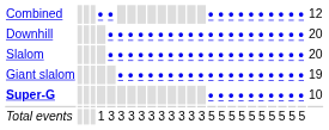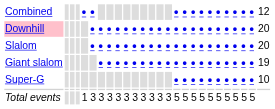 <table>
 <tr>
 <td align=left><a href='#'>Combined</a></td>
 <td style="background:#ddd"> </td>
 <td style="background:#ddd"> </td>
 <td style="background:#ddd"></td>
 <td><big><strong><a href='#'>•</a></strong></big></td>
 <td><big><strong><a href='#'>•</a></strong></big></td>
 <td style="background:#ddd"></td>
 <td style="background:#ddd"></td>
 <td style="background:#ddd"></td>
 <td style="background:#ddd"></td>
 <td style="background:#ddd"></td>
 <td style="background:#ddd"></td>
 <td style="background:#ddd"></td>
 <td style="background:#ddd"></td>
 <td style="background:#ddd"></td>
 <td><big><strong><a href='#'>•</a></strong></big></td>
 <td><big><strong><a href='#'>•</a></strong></big></td>
 <td><big><strong><a href='#'>•</a></strong></big></td>
 <td><big><strong><a href='#'>•</a></strong></big></td>
 <td><big><strong><a href='#'>•</a></strong></big></td>
 <td><big><strong><a href='#'>•</a></strong></big></td>
 <td><big><strong><a href='#'>•</a></strong></big></td>
 <td><big><strong><a href='#'>•</a></strong></big></td>
 <td><big><strong><a href='#'>•</a></strong></big></td>
 <td><big><strong><a href='#'>•</a></strong></big></td>
 <td>12</td>
 </tr>
 <tr>
-<td align=left><a href='#'>Downhill</a></td>
+<td align=left style="background: pink;"><a href='#'>Downhill</a></td>
 <td style="background:#ddd"> </td>
 <td style="background:#ddd"> </td>
 <td style="background:#ddd"> </td>
 <td style="background:#ddd"> </td>
 <td><big><strong><a href='#'>•</a></strong></big></td>
 <td><big><strong><a href='#'>•</a></strong></big></td>
 <td><big><strong><a href='#'>•</a></strong></big></td>
 <td><big><strong><a href='#'>•</a></strong></big></td>
 <td><big><strong><a href='#'>•</a></strong></big></td>
 <td><big><strong><a href='#'>•</a></strong></big></td>
 <td><big><strong><a href='#'>•</a></strong></big></td>
 <td><big><strong><a href='#'>•</a></strong></big></td>
 <td><big><strong><a href='#'>•</a></strong></big></td>
 <td><big><strong><a href='#'>•</a></strong></big></td>
 <td><big><strong><a href='#'>•</a></strong></big></td>
 <td><big><strong><a href='#'>•</a></strong></big></td>
 <td><big><strong><a href='#'>•</a></strong></big></td>
 <td><big><strong><a href='#'>•</a></strong></big></td>
 <td><big><strong><a href='#'>•</a></strong></big></td>
 <td><big><strong><a href='#'>•</a></strong></big></td>
 <td><big><strong><a href='#'>•</a></strong></big></td>
 <td><big><strong><a href='#'>•</a></strong></big></td>
 <td><big><strong><a href='#'>•</a></strong></big></td>
 <td><big><strong><a href='#'>•</a></strong></big></td>
 <td>20</td>
 </tr>
 <tr>
 <td align=left><a href='#'>Slalom</a></td>
 <td style="background:#ddd"> </td>
 <td style="background:#ddd"> </td>
 <td style="background:#ddd"> </td>
 <td style="background:#ddd"> </td>
 <td><big><strong><a href='#'>•</a></strong></big></td>
 <td><big><strong><a href='#'>•</a></strong></big></td>
 <td><big><strong><a href='#'>•</a></strong></big></td>
 <td><big><strong><a href='#'>•</a></strong></big></td>
 <td><big><strong><a href='#'>•</a></strong></big></td>
 <td><big><strong><a href='#'>•</a></strong></big></td>
 <td><big><strong><a href='#'>•</a></strong></big></td>
 <td><big><strong><a href='#'>•</a></strong></big></td>
 <td><big><strong><a href='#'>•</a></strong></big></td>
 <td><big><strong><a href='#'>•</a></strong></big></td>
 <td><big><strong><a href='#'>•</a></strong></big></td>
 <td><big><strong><a href='#'>•</a></strong></big></td>
 <td><big><strong><a href='#'>•</a></strong></big></td>
 <td><big><strong><a href='#'>•</a></strong></big></td>
 <td><big><strong><a href='#'>•</a></strong></big></td>
 <td><big><strong><a href='#'>•</a></strong></big></td>
 <td><big><strong><a href='#'>•</a></strong></big></td>
 <td><big><strong><a href='#'>•</a></strong></big></td>
 <td><big><strong><a href='#'>•</a></strong></big></td>
 <td><big><strong><a href='#'>•</a></strong></big></td>
 <td>20</td>
 </tr>
 <tr>
 <td align=left><a href='#'>Giant slalom</a></td>
 <td style="background:#ddd"> </td>
 <td style="background:#ddd"> </td>
 <td style="background:#ddd"> </td>
 <td style="background:#ddd"> </td>
 <td style="background:#ddd"> </td>
 <td><big><strong><a href='#'>•</a></strong></big></td>
 <td><big><strong><a href='#'>•</a></strong></big></td>
 <td><big><strong><a href='#'>•</a></strong></big></td>
 <td><big><strong><a href='#'>•</a></strong></big></td>
 <td><big><strong><a href='#'>•</a></strong></big></td>
 <td><big><strong><a href='#'>•</a></strong></big></td>
 <td><big><strong><a href='#'>•</a></strong></big></td>
 <td><big><strong><a href='#'>•</a></strong></big></td>
 <td><big><strong><a href='#'>•</a></strong></big></td>
 <td><big><strong><a href='#'>•</a></strong></big></td>
 <td><big><strong><a href='#'>•</a></strong></big></td>
 <td><big><strong><a href='#'>•</a></strong></big></td>
 <td><big><strong><a href='#'>•</a></strong></big></td>
 <td><big><strong><a href='#'>•</a></strong></big></td>
 <td><big><strong><a href='#'>•</a></strong></big></td>
 <td><big><strong><a href='#'>•</a></strong></big></td>
 <td><big><strong><a href='#'>•</a></strong></big></td>
 <td><big><strong><a href='#'>•</a></strong></big></td>
 <td><big><strong><a href='#'>•</a></strong></big></td>
 <td>19</td>
 </tr>
 <tr>
-<td align=left><strong><a href='#'>Super-G</a></strong></td>
+<td align=left><a href='#'>Super-G</a></td>
 <td style="background:#ddd"> </td>
 <td style="background:#ddd"> </td>
 <td style="background:#ddd"> </td>
 <td style="background:#ddd"> </td>
 <td style="background:#ddd"> </td>
 <td style="background:#ddd"> </td>
 <td style="background:#ddd"> </td>
 <td style="background:#ddd"> </td>
 <td style="background:#ddd"> </td>
 <td style="background:#ddd"> </td>
 <td style="background:#ddd"> </td>
 <td style="background:#ddd"> </td>
 <td style="background:#ddd"> </td>
 <td style="background:#ddd"> </td>
 <td><big><strong><a href='#'>•</a></strong></big></td>
 <td><big><strong><a href='#'>•</a></strong></big></td>
 <td><big><strong><a href='#'>•</a></strong></big></td>
 <td><big><strong><a href='#'>•</a></strong></big></td>
 <td><big><strong><a href='#'>•</a></strong></big></td>
 <td><big><strong><a href='#'>•</a></strong></big></td>
 <td><big><strong><a href='#'>•</a></strong></big></td>
 <td><big><strong><a href='#'>•</a></strong></big></td>
 <td><big><strong><a href='#'>•</a></strong></big></td>
 <td><big><strong><a href='#'>•</a></strong></big></td>
 <td>10</td>
 </tr>
 <tr bgcolor=lightgray>
 <td></td>
 <td></td>
 <td></td>
 <td></td>
 <td></td>
 <td></td>
 <td></td>
 <td></td>
 <td></td>
 <td></td>
 <td></td>
 <td></td>
 <td></td>
 <td></td>
 <td></td>
 <td></td>
 <td></td>
 <td></td>
 <td></td>
 <td></td>
 <td></td>
 <td></td>
 <td></td>
 <td></td>
 <td></td>
 <td></td>
 </tr>
 <tr>
 <td><em>Total events</em></td>
 <td style="background:#ddd"> </td>
 <td style="background:#ddd"> </td>
 <td style="background:#ddd"> </td>
 <td>1</td>
 <td>3</td>
 <td>3</td>
 <td>3</td>
 <td>3</td>
 <td>3</td>
 <td>3</td>
 <td>3</td>
 <td>3</td>
 <td 3>3</td>
 <td>3</td>
 <td>5</td>
 <td>5</td>
 <td>5</td>
 <td>5</td>
 <td>5</td>
 <td>5</td>
 <td>5</td>
 <td>5</td>
 <td>5</td>
 <td>5</td>
 </tr>
 </table>
